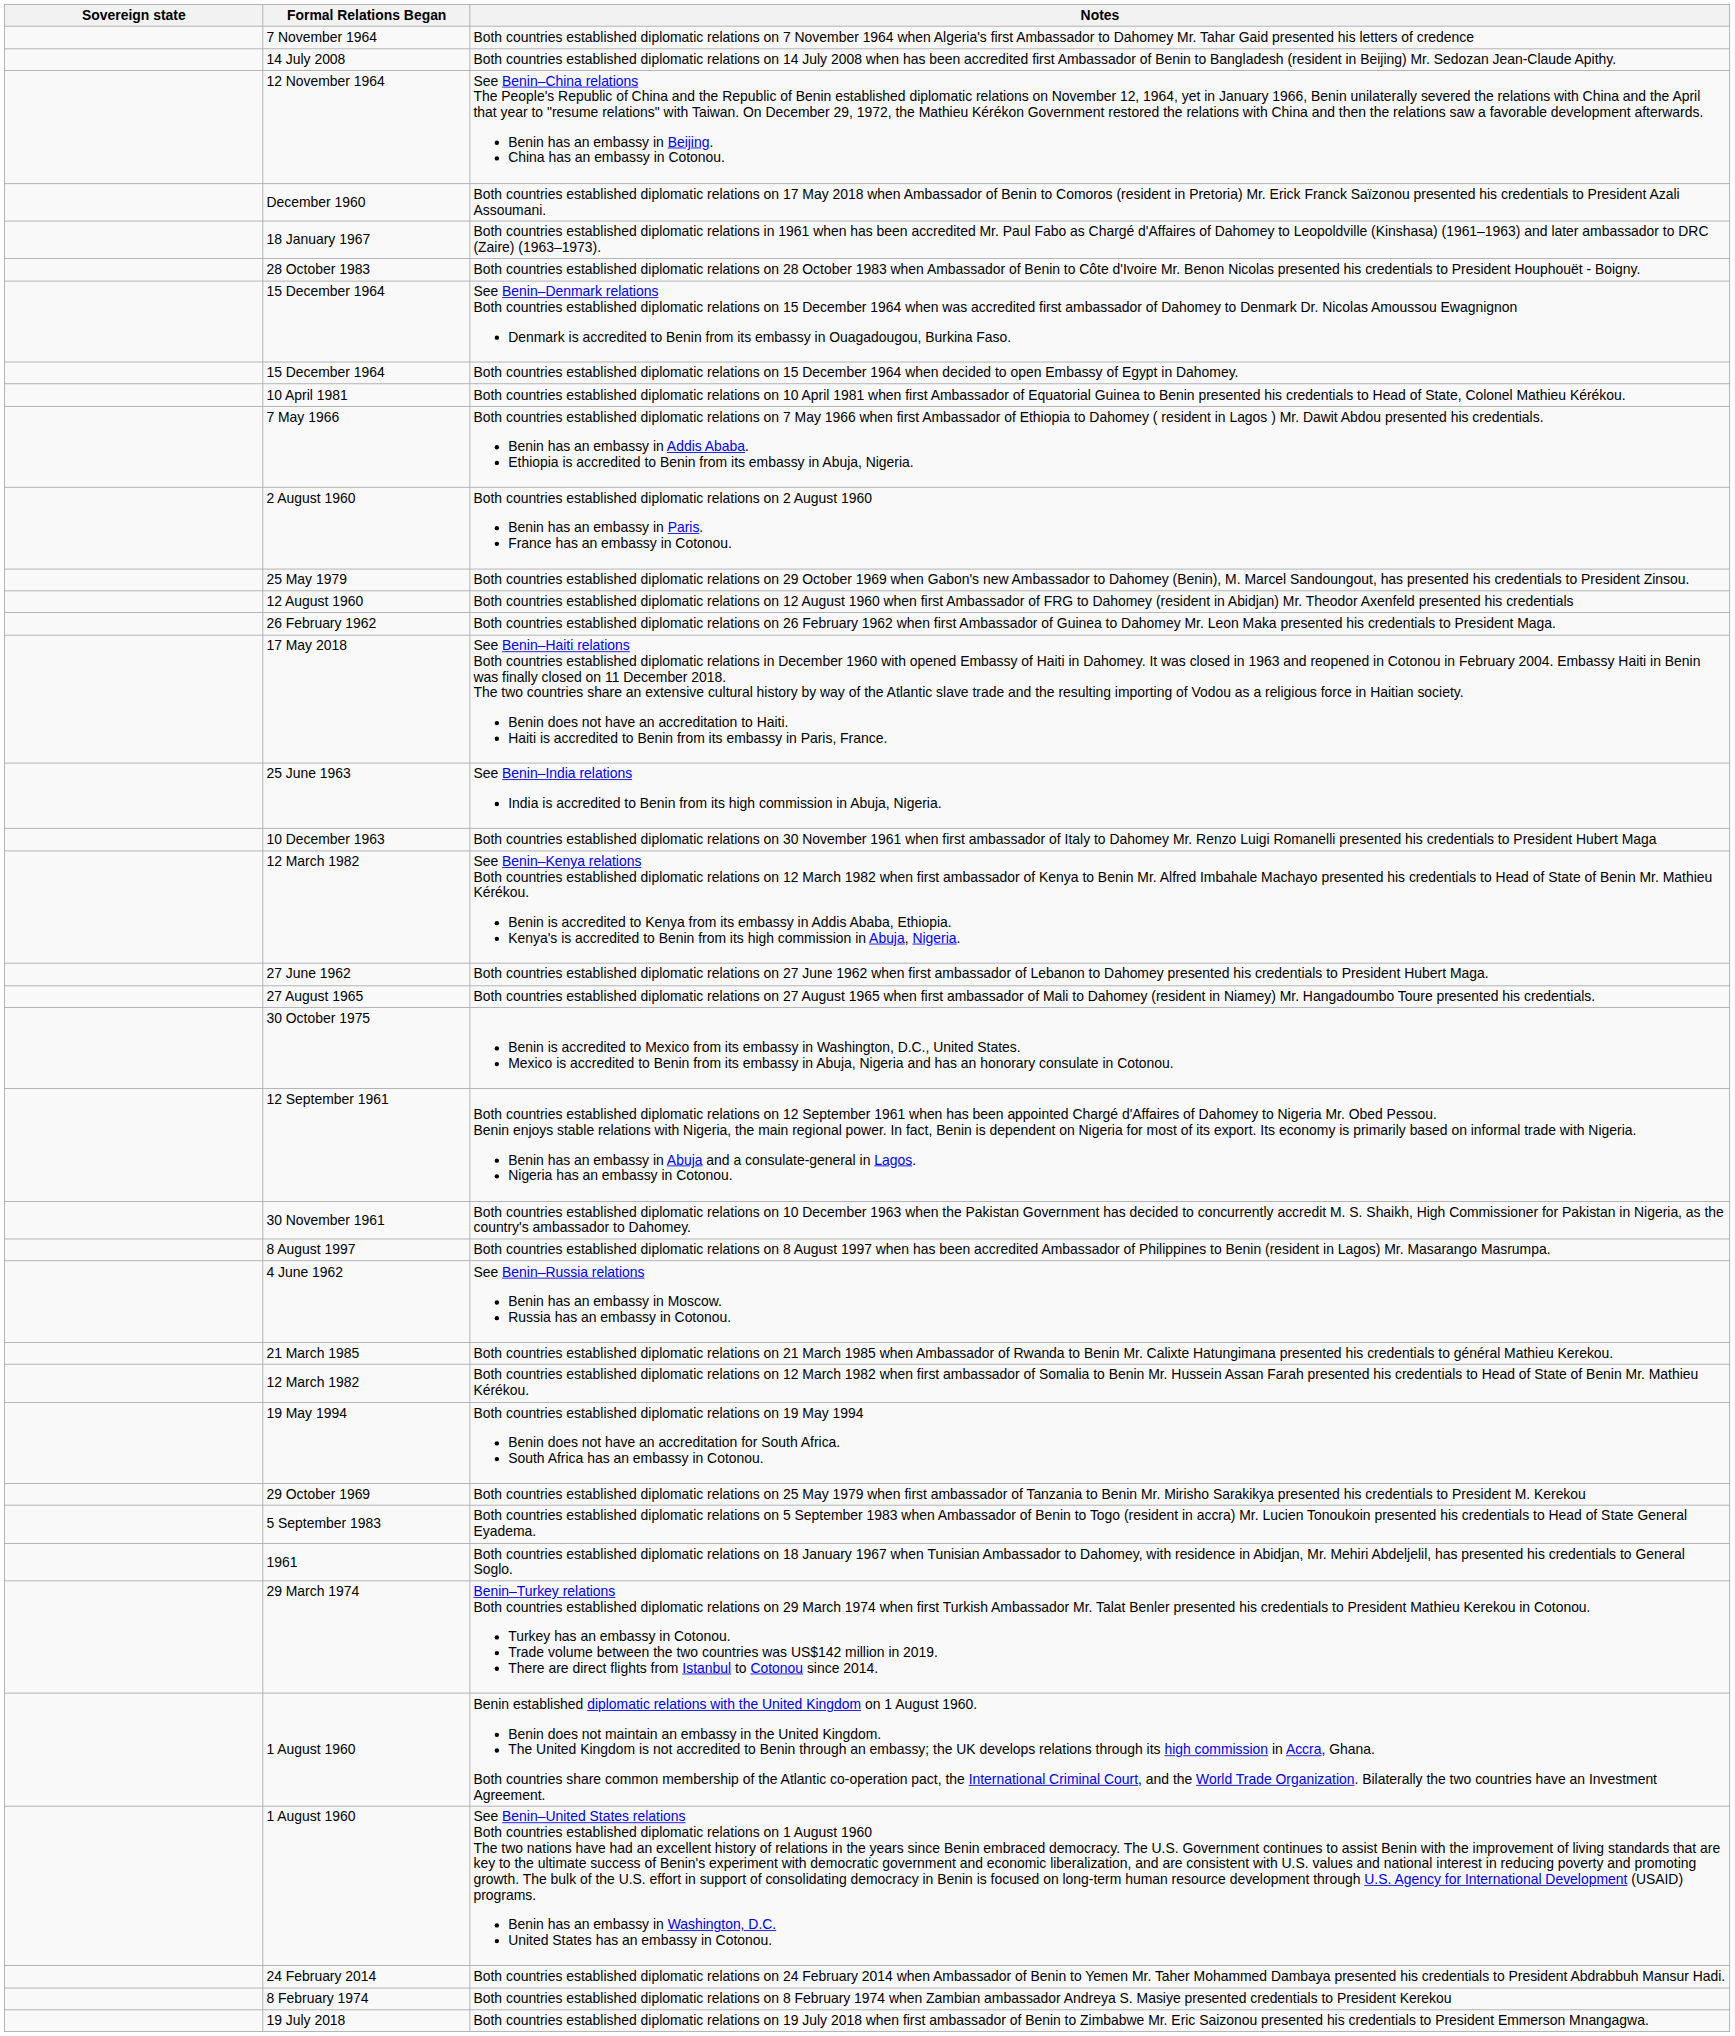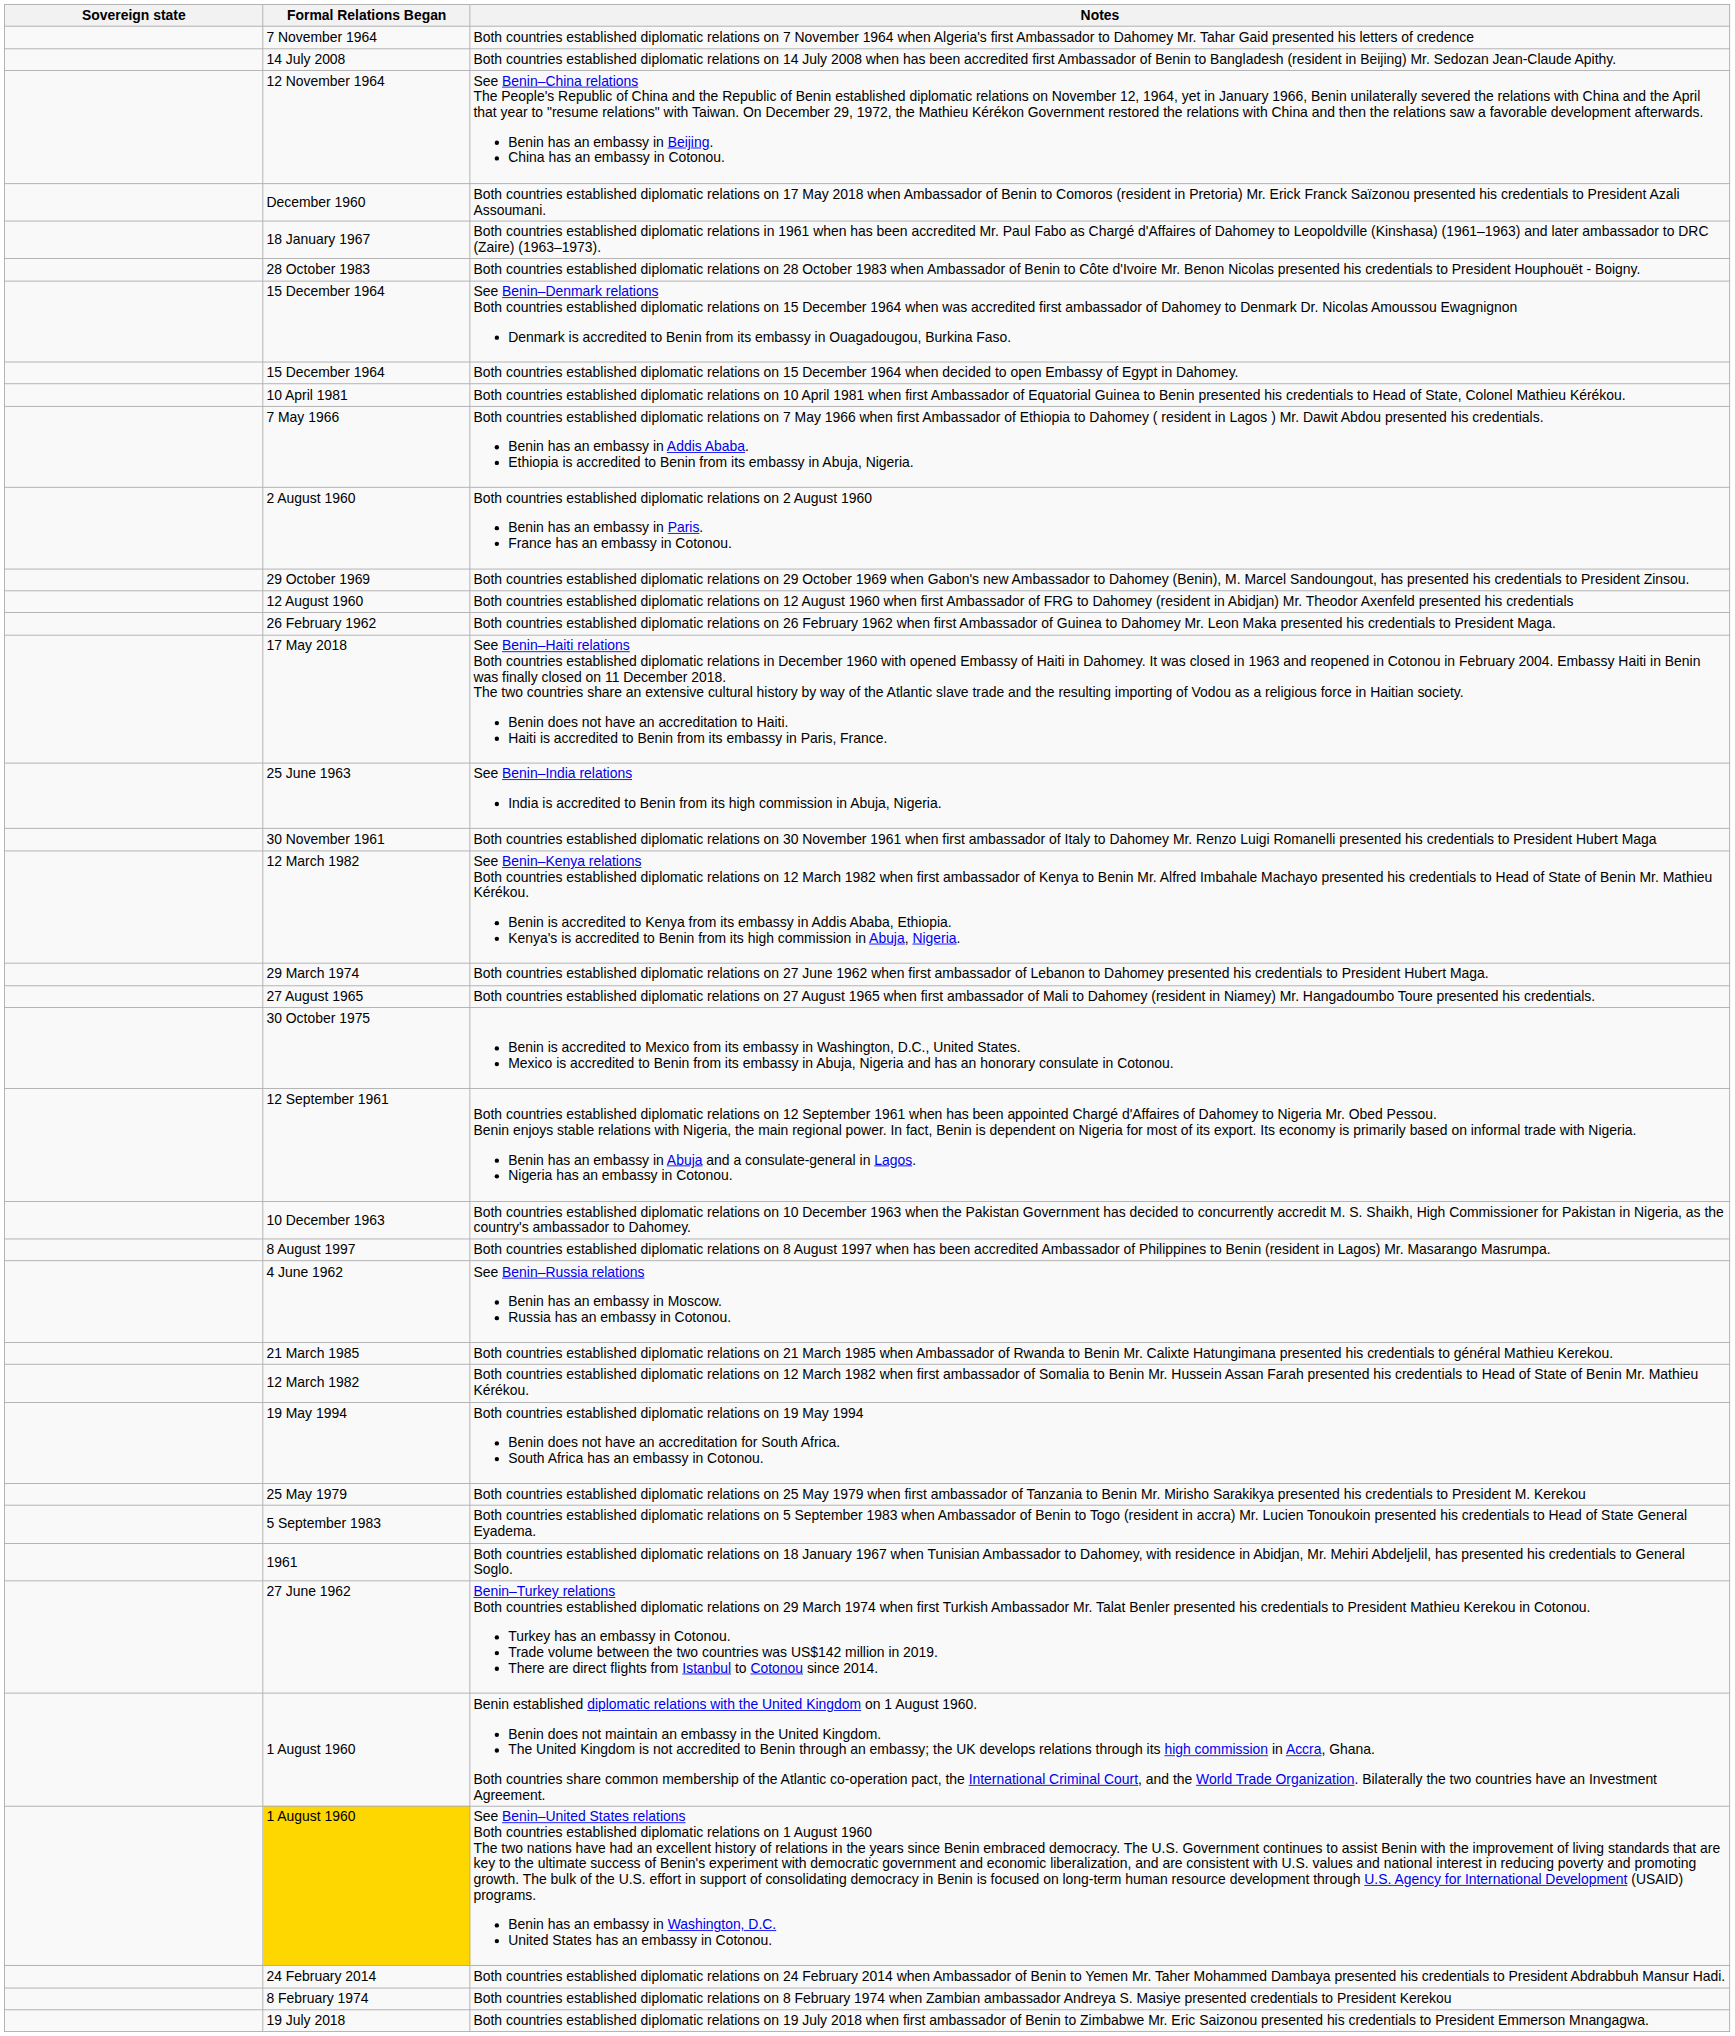 <table class="wikitable sortable" style="width:100%; margin:auto;">
 <tr>
 <th style="width:15%;">Sovereign state</th>
 <th style="width:12%;">Formal Relations Began</th>
 <th>Notes</th>
 </tr>
 <tr>
 <td></td>
 <td>7 November 1964</td>
 <td>Both countries established diplomatic relations on 7 November 1964 when Algeria's first Ambassador to Dahomey Mr. Tahar Gaid presented his letters of credence</td>
 </tr>
 <tr>
 <td></td>
 <td>14 July 2008</td>
 <td>Both countries established diplomatic relations on 14 July 2008 when has been accredited first Ambassador of Benin to Bangladesh (resident in Beijing) Mr. Sedozan Jean-Claude Apithy.</td>
 </tr>
 <tr valign="top">
 <td></td>
 <td>12 November 1964</td>
 <td>See <a href='#'>Benin–China relations</a><br>The People's Republic of China and the Republic of Benin established diplomatic relations on November 12, 1964, yet in January 1966, Benin unilaterally severed the relations with China and the April that year to "resume relations" with Taiwan. On December 29, 1972, the Mathieu Kérékon Government restored the relations with China and then the relations saw a favorable development afterwards.<ul><li>Benin has an embassy in <a href='#'>Beijing</a>.</li><li>China has an embassy in Cotonou.</li></ul></td>
 </tr>
 <tr>
 <td></td>
 <td>December 1960</td>
 <td>Both countries established diplomatic relations on 17 May 2018 when Ambassador of Benin to Comoros (resident in Pretoria) Mr. Erick Franck Saїzonou presented his credentials to President Azali Assoumani.</td>
 </tr>
 <tr>
 <td></td>
 <td>18 January 1967</td>
 <td>Both countries established diplomatic relations in 1961 when has been accredited Mr. Paul Fabo as Chargé d'Affaires of Dahomey to Leopoldville (Kinshasa) (1961–1963) and later ambassador to DRC (Zaire) (1963–1973).</td>
 </tr>
 <tr>
 <td></td>
 <td>28 October 1983</td>
 <td>Both countries established diplomatic relations on 28 October 1983 when Ambassador of Benin to Côte d'Ivoire Mr. Benon Nicolas presented his credentials to President Houphouët - Boigny.</td>
 </tr>
 <tr valign="top">
 <td></td>
 <td>15 December 1964</td>
 <td>See <a href='#'>Benin–Denmark relations</a><br>Both countries established diplomatic relations on 15 December 1964 when was accredited first ambassador of Dahomey to Denmark Dr. Nicolas Amoussou Ewagnignon<ul><li>Denmark is accredited to Benin from its embassy in Ouagadougou, Burkina Faso.</li></ul></td>
 </tr>
 <tr>
 <td></td>
 <td>15 December 1964</td>
 <td>Both countries established diplomatic relations on 15 December 1964 when decided to open Embassy of Egypt in Dahomey.</td>
 </tr>
 <tr>
 <td></td>
 <td>10 April 1981</td>
 <td>Both countries established diplomatic relations on 10 April 1981 when first Ambassador of Equatorial Guinea to Benin presented his credentials to Head of State, Colonel Mathieu Kérékou.</td>
 </tr>
 <tr valign="top">
 <td></td>
 <td>7 May 1966</td>
 <td>Both countries established diplomatic relations on 7 May 1966 when first Ambassador of Ethiopia to Dahomey ( resident in Lagos ) Mr. Dawit Abdou presented his credentials.<br><ul><li>Benin has an embassy in <a href='#'>Addis Ababa</a>.</li><li>Ethiopia is accredited to Benin from its embassy in Abuja, Nigeria.</li></ul></td>
 </tr>
 <tr valign="top">
 <td></td>
 <td>2 August 1960</td>
 <td>Both countries established diplomatic relations on 2 August 1960<br><ul><li>Benin has an embassy in <a href='#'>Paris</a>.</li><li>France has an embassy in Cotonou.</li></ul></td>
 </tr>
 <tr>
 <td></td>
-<td>25 May 1979</td>
+<td>29 October 1969</td>
 <td>Both countries established diplomatic relations on 29 October 1969 when Gabon's new Ambassador to Dahomey (Benin), M. Marcel Sandoungout, has presented his credentials to President Zinsou.</td>
 </tr>
 <tr>
 <td></td>
 <td>12 August 1960</td>
 <td>Both countries established diplomatic relations on 12 August 1960 when first Ambassador of FRG to Dahomey (resident in Abidjan) Mr. Theodor Axenfeld presented his credentials</td>
 </tr>
 <tr>
 <td></td>
 <td>26 February 1962</td>
 <td>Both countries established diplomatic relations on 26 February 1962 when first Ambassador of Guinea to Dahomey Mr. Leon Maka presented his credentials to President Maga.</td>
 </tr>
 <tr valign="top">
 <td></td>
 <td>17 May 2018</td>
 <td>See <a href='#'>Benin–Haiti relations</a><br>Both countries established diplomatic relations in December 1960 with opened Embassy of Haiti in Dahomey. It was closed in 1963 and reopened in Cotonou in February 2004. Embassy Haiti in Benin was finally closed on 11 December 2018.<br>The two countries share an extensive cultural history by way of the Atlantic slave trade and the resulting importing of Vodou as a religious force in Haitian society.<ul><li>Benin does not have an accreditation to Haiti.</li><li>Haiti is accredited to Benin from its embassy in Paris, France.</li></ul></td>
 </tr>
 <tr valign="top">
 <td></td>
 <td>25 June 1963</td>
 <td>See <a href='#'>Benin–India relations</a><br><ul><li>India is accredited to Benin from its high commission in Abuja, Nigeria.</li></ul></td>
 </tr>
 <tr>
 <td></td>
-<td>10 December 1963</td>
+<td>30 November 1961</td>
 <td>Both countries established diplomatic relations on 30 November 1961 when first ambassador of Italy to Dahomey Mr. Renzo Luigi Romanelli presented his credentials to President Hubert Maga</td>
 </tr>
 <tr valign="top">
 <td></td>
 <td>12 March 1982</td>
 <td>See <a href='#'>Benin–Kenya relations</a><br>Both countries established diplomatic relations on 12 March 1982 when first ambassador of Kenya to Benin Mr. Alfred Imbahale Machayo presented his credentials to Head of State of Benin Mr. Mathieu Kérékou.<ul><li>Benin is accredited to Kenya from its embassy in Addis Ababa, Ethiopia.</li><li>Kenya's is accredited to Benin from its high commission in <a href='#'>Abuja</a>, <a href='#'>Nigeria</a>.</li></ul></td>
 </tr>
 <tr>
 <td></td>
-<td>27 June 1962</td>
+<td>29 March 1974</td>
 <td>Both countries established diplomatic relations on 27 June 1962 when first ambassador of Lebanon to Dahomey presented his credentials to President Hubert Maga.</td>
 </tr>
 <tr>
 <td></td>
 <td>27 August 1965</td>
 <td>Both countries established diplomatic relations on 27 August 1965 when first ambassador of Mali to Dahomey (resident in Niamey) Mr. Hangadoumbo Toure presented his credentials.</td>
 </tr>
 <tr valign="top">
 <td></td>
 <td>30 October 1975</td>
 <td><br><ul><li>Benin is accredited to Mexico from its embassy in Washington, D.C., United States.</li><li>Mexico is accredited to Benin from its embassy in Abuja, Nigeria and has an honorary consulate in Cotonou.</li></ul></td>
 </tr>
 <tr valign="top">
 <td></td>
 <td>12 September 1961</td>
 <td><br>Both countries established diplomatic relations on 12 September 1961 when has been appointed Chargé d'Affaires of Dahomey to Nigeria Mr. Obed Pessou.<br>Benin enjoys stable relations with Nigeria, the main regional power. In fact, Benin is dependent on Nigeria for most of its export. Its economy is primarily based on informal trade with Nigeria.<ul><li>Benin has an embassy in <a href='#'>Abuja</a> and a consulate-general in <a href='#'>Lagos</a>.</li><li>Nigeria has an embassy in Cotonou.</li></ul></td>
 </tr>
 <tr>
 <td></td>
-<td>30 November 1961</td>
+<td>10 December 1963</td>
 <td>Both countries established diplomatic relations on 10 December 1963 when the Pakistan Government has decided to concurrently accredit M. S. Shaikh, High Commissioner for Pakistan in Nigeria, as the country's ambassador to Dahomey.</td>
 </tr>
 <tr>
 <td></td>
 <td>8 August 1997</td>
 <td>Both countries established diplomatic relations on 8 August 1997 when has been accredited Ambassador of Philippines to Benin (resident in Lagos) Mr. Masarango Masrumpa.</td>
 </tr>
 <tr valign="top">
 <td></td>
 <td>4 June 1962</td>
 <td>See <a href='#'>Benin–Russia relations</a><br><ul><li>Benin has an embassy in Moscow.</li><li>Russia has an embassy in Cotonou.</li></ul></td>
 </tr>
 <tr>
 <td></td>
 <td>21 March 1985</td>
 <td>Both countries established diplomatic relations on 21 March 1985 when Ambassador of Rwanda to Benin Mr. Calixte Hatungimana presented his credentials to général Mathieu Kerekou.</td>
 </tr>
 <tr>
 <td></td>
 <td>12 March 1982</td>
 <td>Both countries established diplomatic relations on 12 March 1982 when first ambassador of Somalia to Benin Mr. Hussein Assan Farah presented his credentials to Head of State of Benin Mr. Mathieu Kérékou.</td>
 </tr>
 <tr valign="top">
 <td></td>
 <td>19 May 1994</td>
 <td>Both countries established diplomatic relations on 19 May 1994<br><ul><li>Benin does not have an accreditation for South Africa.</li><li>South Africa has an embassy in Cotonou.</li></ul></td>
 </tr>
 <tr>
 <td></td>
-<td>29 October 1969</td>
+<td>25 May 1979</td>
 <td>Both countries established diplomatic relations on 25 May 1979 when first ambassador of Tanzania to Benin Mr. Mirisho Sarakikya presented his credentials to President M. Kerekou</td>
 </tr>
 <tr>
 <td></td>
 <td>5 September 1983</td>
 <td>Both countries established diplomatic relations on 5 September 1983 when Ambassador of Benin to Togo (resident in accra)  Mr. Lucien Tonoukoin presented his credentials to Head of State General Eyadema.</td>
 </tr>
 <tr>
 <td></td>
 <td>1961</td>
 <td>Both countries established diplomatic relations on 18 January 1967 when Tunisian Ambassador to Dahomey, with residence in Abidjan, Mr. Mehiri Abdeljelil, has presented his credentials to General Soglo.</td>
 </tr>
 <tr valign="top">
 <td></td>
-<td>29 March 1974</td>
+<td>27 June 1962</td>
 <td><a href='#'>Benin–Turkey relations</a><br>Both countries established diplomatic relations on 29 March 1974 when first Turkish Ambassador Mr. Talat Benler presented his credentials to President Mathieu Kerekou in Cotonou.<ul><li>Turkey has an embassy in Cotonou.</li><li>Trade volume between the two countries was US$142 million in 2019.</li><li>There are direct flights from <a href='#'>Istanbul</a> to <a href='#'>Cotonou</a> since 2014.</li></ul></td>
 </tr>
 <tr>
 <td></td>
 <td>1 August 1960</td>
 <td>Benin established <a href='#'>diplomatic relations with the United Kingdom</a> on 1 August 1960.<br><ul><li>Benin does not maintain an embassy in the United Kingdom.</li><li>The United Kingdom is not accredited to Benin through an embassy; the UK develops relations through its <a href='#'>high commission</a> in <a href='#'>Accra</a>, Ghana.</li></ul>Both countries share common membership of the Atlantic co-operation pact, the <a href='#'>International Criminal Court</a>, and the <a href='#'>World Trade Organization</a>. Bilaterally the two countries have an Investment Agreement.</td>
 </tr>
 <tr valign="top">
 <td></td>
-<td>1 August 1960</td>
+<td style="background: gold;">1 August 1960</td>
 <td>See <a href='#'>Benin–United States relations</a><br>Both countries established diplomatic relations on 1 August 1960<br>The two nations have had an excellent history of relations in the years since Benin embraced democracy. The U.S. Government continues to assist Benin with the improvement of living standards that are key to the ultimate success of Benin's experiment with democratic government and economic liberalization, and are consistent with U.S. values and national interest in reducing poverty and promoting growth. The bulk of the U.S. effort in support of consolidating democracy in Benin is focused on long-term human resource development through <a href='#'>U.S. Agency for International Development</a> (USAID) programs.<ul><li>Benin has an embassy in <a href='#'>Washington, D.C.</a></li><li>United States has an embassy in Cotonou.</li></ul></td>
 </tr>
 <tr>
 <td></td>
 <td>24 February 2014</td>
 <td>Both countries established diplomatic relations on 24 February 2014 when Ambassador of Benin to Yemen Mr. Taher Mohammed Dambaya presented his credentials to President Abdrabbuh Mansur Hadi.</td>
 </tr>
 <tr>
 <td></td>
 <td>8 February 1974</td>
 <td>Both countries established diplomatic relations on 8 February 1974 when Zambian ambassador Andreya S. Masiye presented credentials to President Kerekou</td>
 </tr>
 <tr>
 <td></td>
 <td>19 July 2018</td>
 <td>Both countries established diplomatic relations on 19 July 2018 when first ambassador of Benin to Zimbabwe Mr. Eric Saizonou presented his credentials to President Emmerson Mnangagwa.</td>
 </tr>
 </table>
